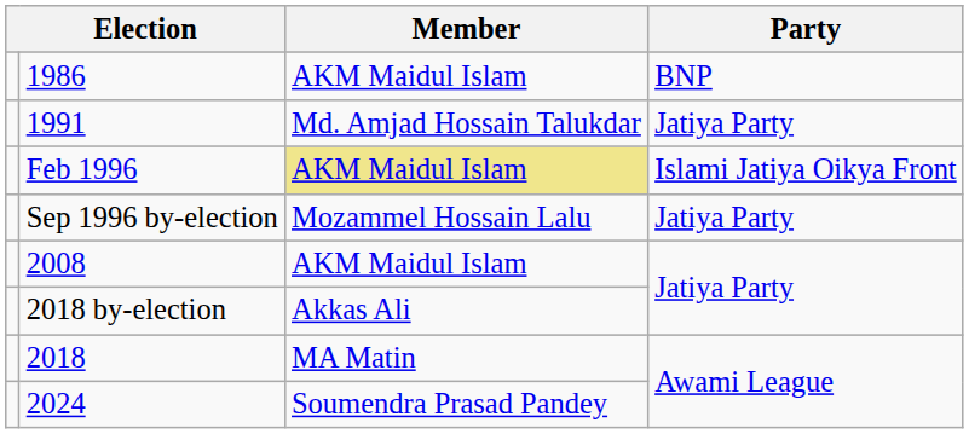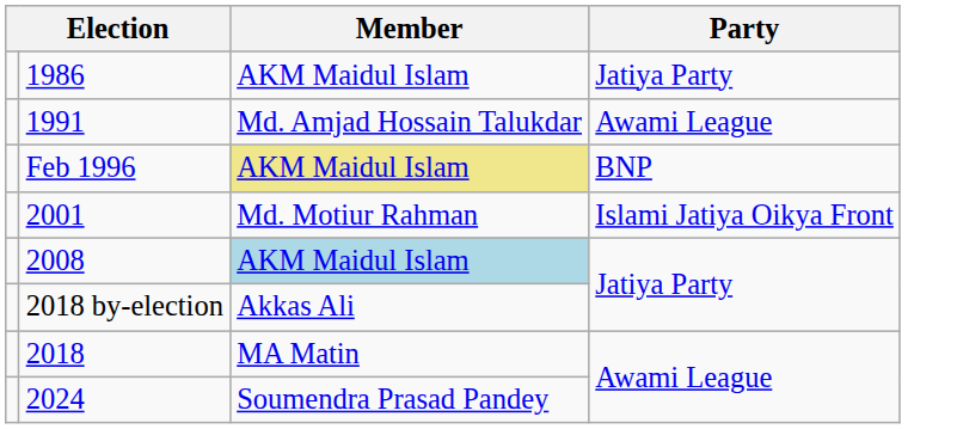 <table class="wikitable">
 <tr>
 <th colspan="2">Election</th>
 <th>Member</th>
 <th>Party</th>
 </tr>
 <tr>
 <td style="background-color:"></td>
 <td><a href='#'>1986</a></td>
 <td><a href='#'>AKM Maidul Islam</a></td>
-<td><a href='#'>BNP</a></td>
+<td><a href='#'>Jatiya Party</a></td>
 </tr>
 <tr>
 <td style="background-color:"></td>
 <td><a href='#'>1991</a></td>
 <td><a href='#'>Md. Amjad Hossain Talukdar</a></td>
-<td><a href='#'>Jatiya Party</a></td>
+<td><a href='#'>Awami League</a></td>
 </tr>
 <tr>
 <td style="background-color:"></td>
 <td><a href='#'>Feb 1996</a></td>
 <td style="background: khaki;"><a href='#'>AKM Maidul Islam</a></td>
+<td><a href='#'>BNP</a></td>
+</tr>
+<tr>
+<td style="background-color:"></td>
+<td><a href='#'>2001</a></td>
+<td><a href='#'>Md. Motiur Rahman</a></td>
 <td><a href='#'>Islami Jatiya Oikya Front</a></td>
 </tr>
 <tr>
 <td style="background-color:"></td>
-<td>Sep 1996 by-election</td>
-<td><a href='#'>Mozammel Hossain Lalu</a></td>
-<td><a href='#'>Jatiya Party</a></td>
-</tr>
-<tr>
-<td style="background-color:"></td>
 <td><a href='#'>2008</a></td>
-<td><a href='#'>AKM Maidul Islam</a></td>
+<td style="background: lightblue;"><a href='#'>AKM Maidul Islam</a></td>
 <td rowspan="2"><a href='#'>Jatiya Party</a></td>
 </tr>
 <tr>
 <td style="background-color:"></td>
 <td>2018 by-election</td>
 <td><a href='#'>Akkas Ali</a></td>
 </tr>
 <tr>
 <td style="background-color:"></td>
 <td><a href='#'>2018</a></td>
 <td><a href='#'>MA Matin</a></td>
 <td rowspan="2"><a href='#'>Awami League</a></td>
 </tr>
 <tr>
 <td style="background-color:"></td>
 <td><a href='#'>2024</a></td>
 <td><a href='#'>Soumendra Prasad Pandey</a></td>
 </tr>
 </table>
